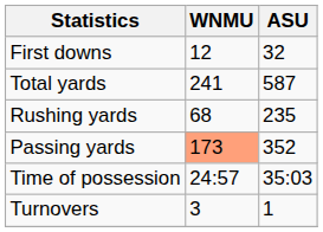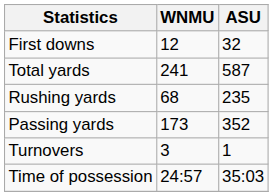 <table class="wikitable">
 <tr>
 <th>Statistics</th>
 <th>WNMU</th>
 <th>ASU</th>
 </tr>
 <tr>
 <td>First downs</td>
 <td>12</td>
 <td>32</td>
 </tr>
 <tr>
 <td>Total yards</td>
 <td>241</td>
 <td>587</td>
 </tr>
 <tr>
 <td>Rushing yards</td>
 <td>68</td>
 <td>235</td>
 </tr>
 <tr>
 <td>Passing yards</td>
-<td style="background: lightsalmon;">173</td>
+<td>173</td>
 <td>352</td>
+</tr>
+<tr>
+<td>Turnovers</td>
+<td>3</td>
+<td>1</td>
 </tr>
 <tr>
 <td>Time of possession</td>
 <td>24:57</td>
 <td>35:03</td>
 </tr>
 <tr>
-<td>Turnovers</td>
-<td>3</td>
-<td>1</td>
-</tr>
-<tr>
 </tr>
 </table>
